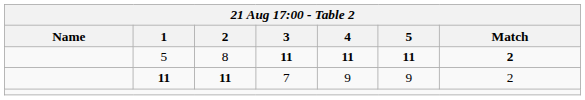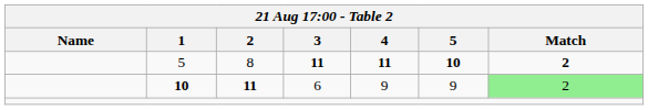 <table class=wikitable style="text-align:center; width: 55%">
 <tr>
 <th colspan=17><em>21 Aug 17:00 - Table 2</em></th>
 </tr>
 <tr>
 <th>Name</th>
 <th>1</th>
 <th>2</th>
 <th>3</th>
 <th>4</th>
 <th>5</th>
 <th>Match</th>
 </tr>
 <tr>
 <td style="text-align:left;"><strong></strong></td>
 <td>5</td>
 <td>8</td>
 <td><strong>11</strong></td>
 <td><strong>11</strong></td>
-<td><strong>11</strong></td>
+<td><strong>10</strong></td>
 <td><strong>2</strong></td>
 </tr>
 <tr>
 <td style="text-align:left;"></td>
+<td><strong>10</strong></td>
 <td><strong>11</strong></td>
-<td><strong>11</strong></td>
-<td>7</td>
+<td>6</td>
 <td>9</td>
 <td>9</td>
-<td>2</td>
+<td style="background: lightgreen;">2</td>
 </tr>
 <tr>
 <td colspan=17></td>
 </tr>
 </table>
